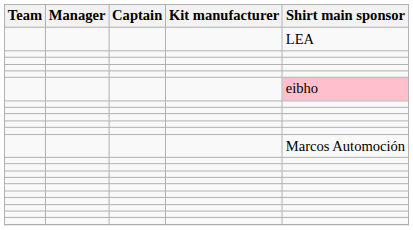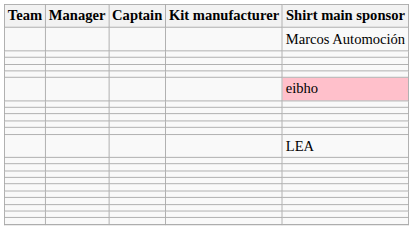 <table class="wikitable sortable" style="text-align: left;">
 <tr>
 <th>Team</th>
 <th>Manager</th>
 <th>Captain</th>
 <th>Kit manufacturer</th>
 <th>Shirt main sponsor</th>
 </tr>
 <tr>
 <td></td>
 <td></td>
 <td></td>
 <td></td>
-<td>LEA</td>
+<td>Marcos Automoción</td>
 </tr>
 <tr>
 <td></td>
 <td></td>
 <td></td>
 <td></td>
 <td></td>
 </tr>
 <tr>
 <td></td>
 <td></td>
 <td></td>
 <td></td>
 <td></td>
 </tr>
 <tr>
 <td></td>
 <td></td>
 <td></td>
 <td></td>
 <td></td>
 </tr>
 <tr>
 <td></td>
 <td></td>
 <td></td>
 <td></td>
 <td></td>
 </tr>
 <tr>
 <td></td>
 <td></td>
 <td></td>
 <td></td>
 <td style="background: pink;">eibho</td>
 </tr>
 <tr>
 <td></td>
 <td></td>
 <td></td>
 <td></td>
 <td></td>
 </tr>
 <tr>
 <td></td>
 <td></td>
 <td></td>
 <td></td>
 <td></td>
 </tr>
 <tr>
 <td></td>
 <td></td>
 <td></td>
 <td></td>
 <td></td>
 </tr>
 <tr>
 <td></td>
 <td></td>
 <td></td>
 <td></td>
 <td></td>
 </tr>
 <tr>
 <td></td>
 <td></td>
 <td></td>
 <td></td>
 <td></td>
 </tr>
 <tr>
 <td></td>
 <td></td>
 <td></td>
 <td></td>
-<td>Marcos Automoción</td>
+<td>LEA</td>
 </tr>
 <tr>
 <td></td>
 <td></td>
 <td></td>
 <td></td>
 <td></td>
 </tr>
 <tr>
 <td></td>
 <td></td>
 <td></td>
 <td></td>
 <td></td>
 </tr>
 <tr>
 <td></td>
 <td></td>
 <td></td>
 <td></td>
 <td></td>
 </tr>
 <tr>
 <td></td>
 <td></td>
 <td></td>
 <td></td>
 <td></td>
 </tr>
 <tr>
 <td></td>
 <td></td>
 <td></td>
 <td></td>
 <td></td>
 </tr>
 <tr>
 <td></td>
 <td></td>
 <td></td>
 <td></td>
 <td></td>
 </tr>
 <tr>
 <td></td>
 <td></td>
 <td></td>
 <td></td>
 <td></td>
 </tr>
 <tr>
 <td></td>
 <td></td>
 <td></td>
 <td></td>
 <td></td>
 </tr>
 <tr>
 <td></td>
 <td></td>
 <td></td>
 <td></td>
 <td></td>
 </tr>
 <tr>
 <td></td>
 <td></td>
 <td></td>
 <td></td>
 <td></td>
 </tr>
 <tr>
 </tr>
 </table>
